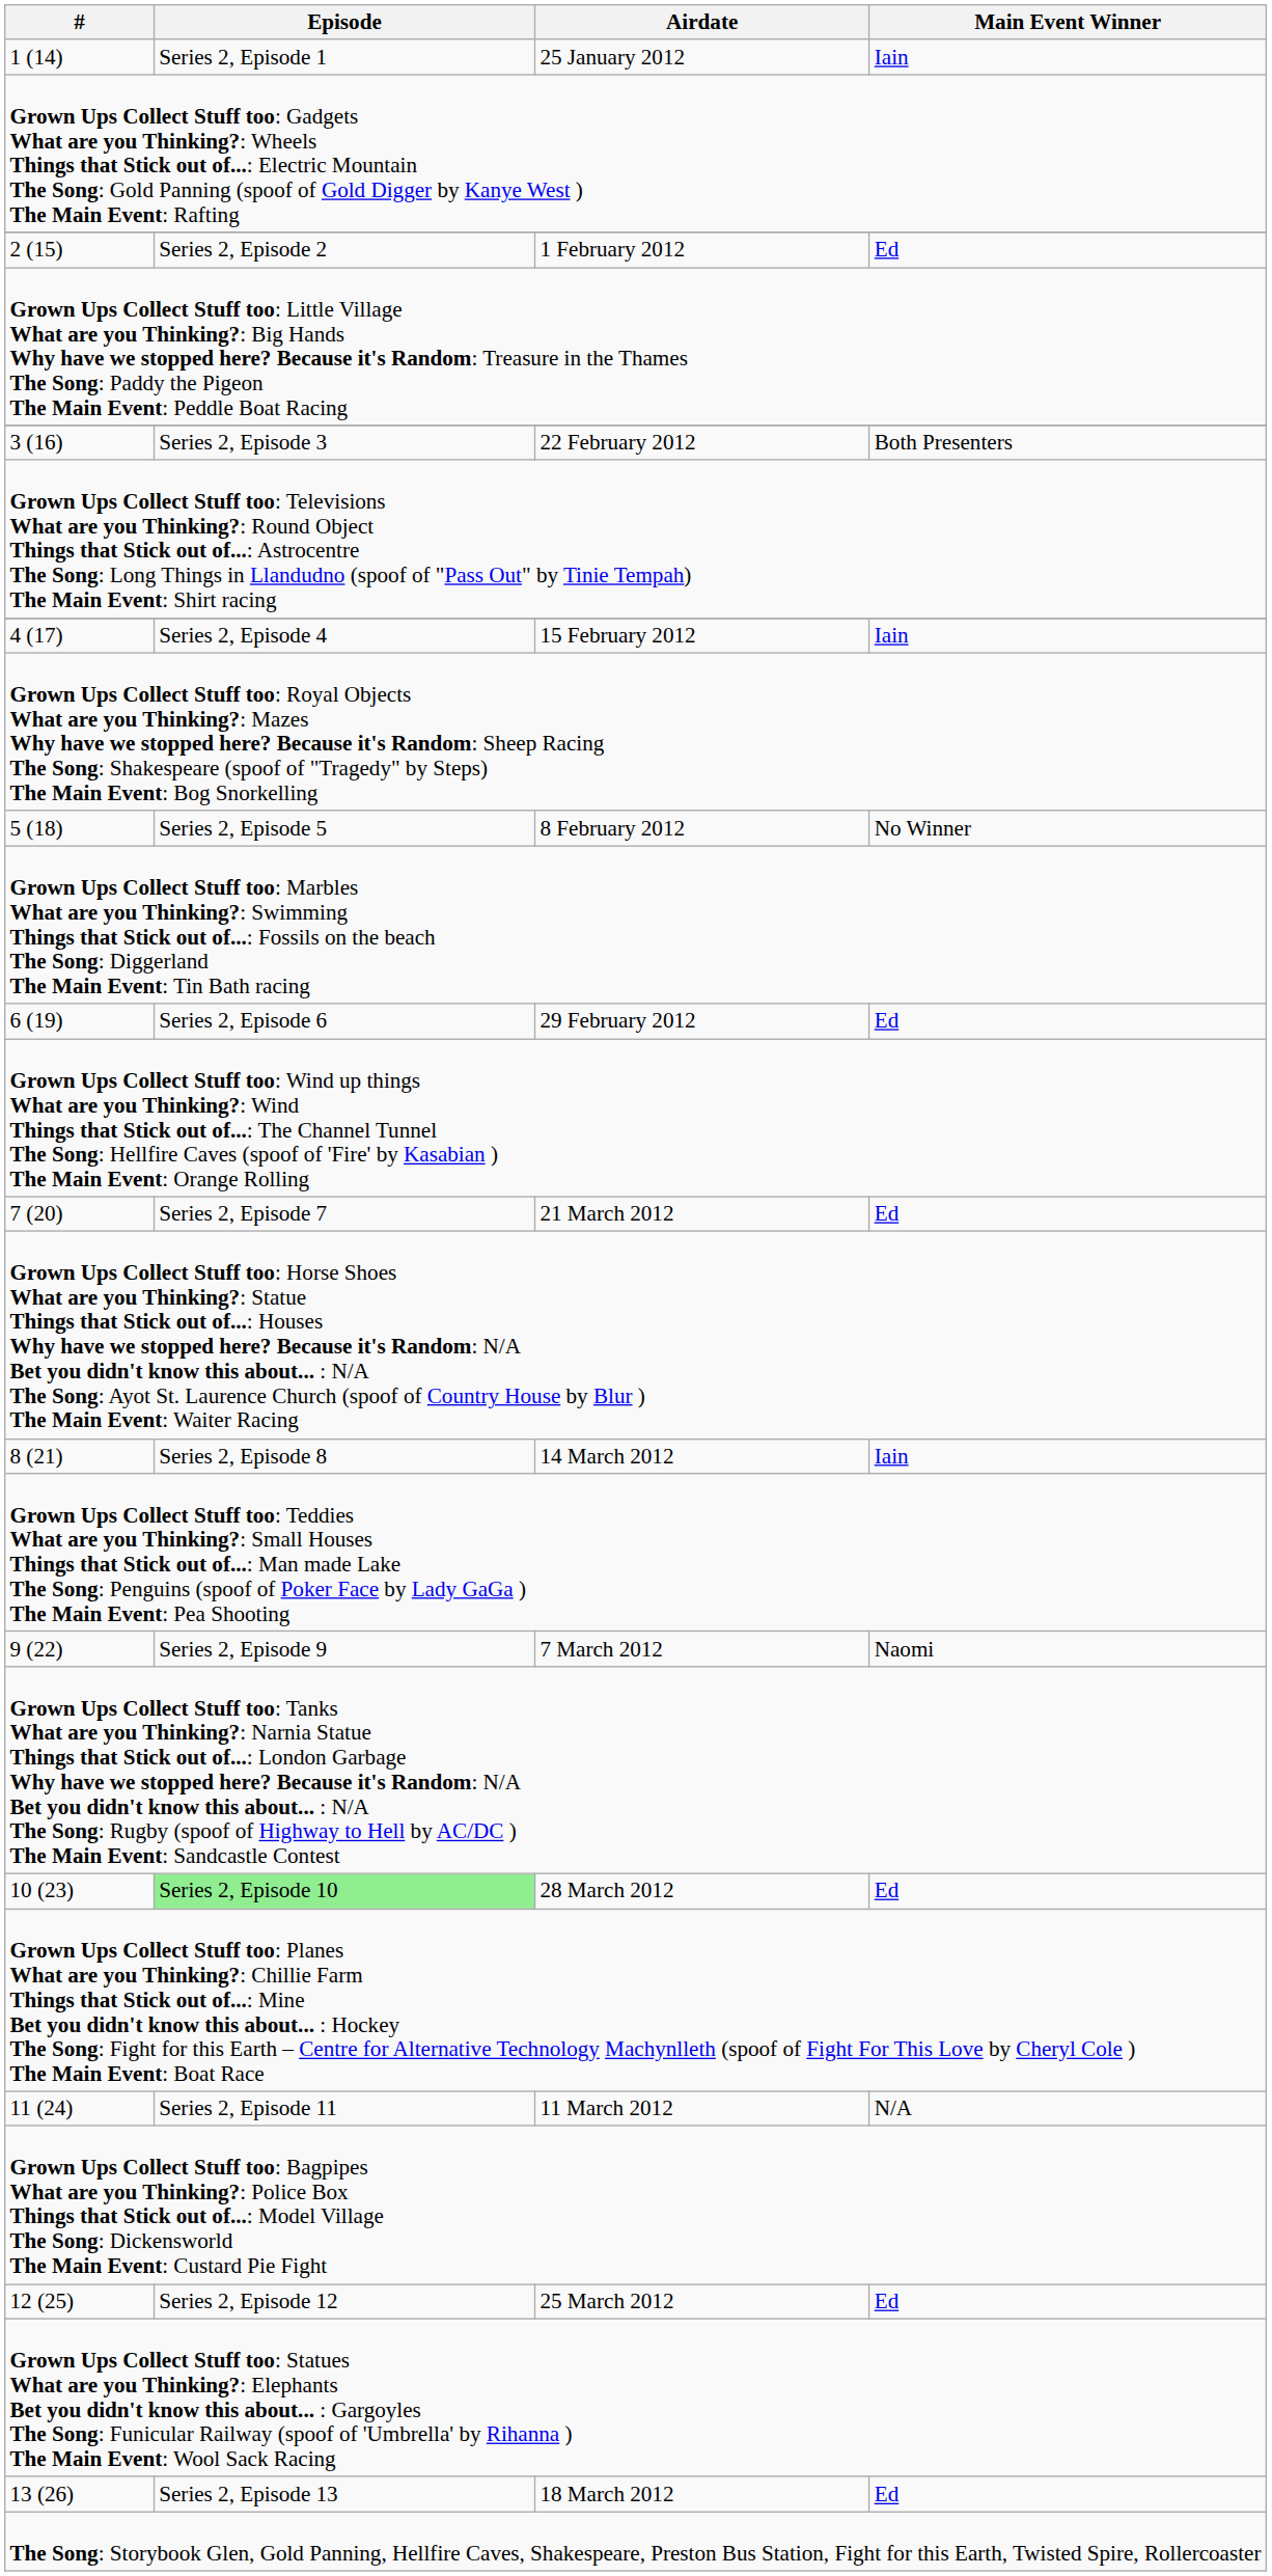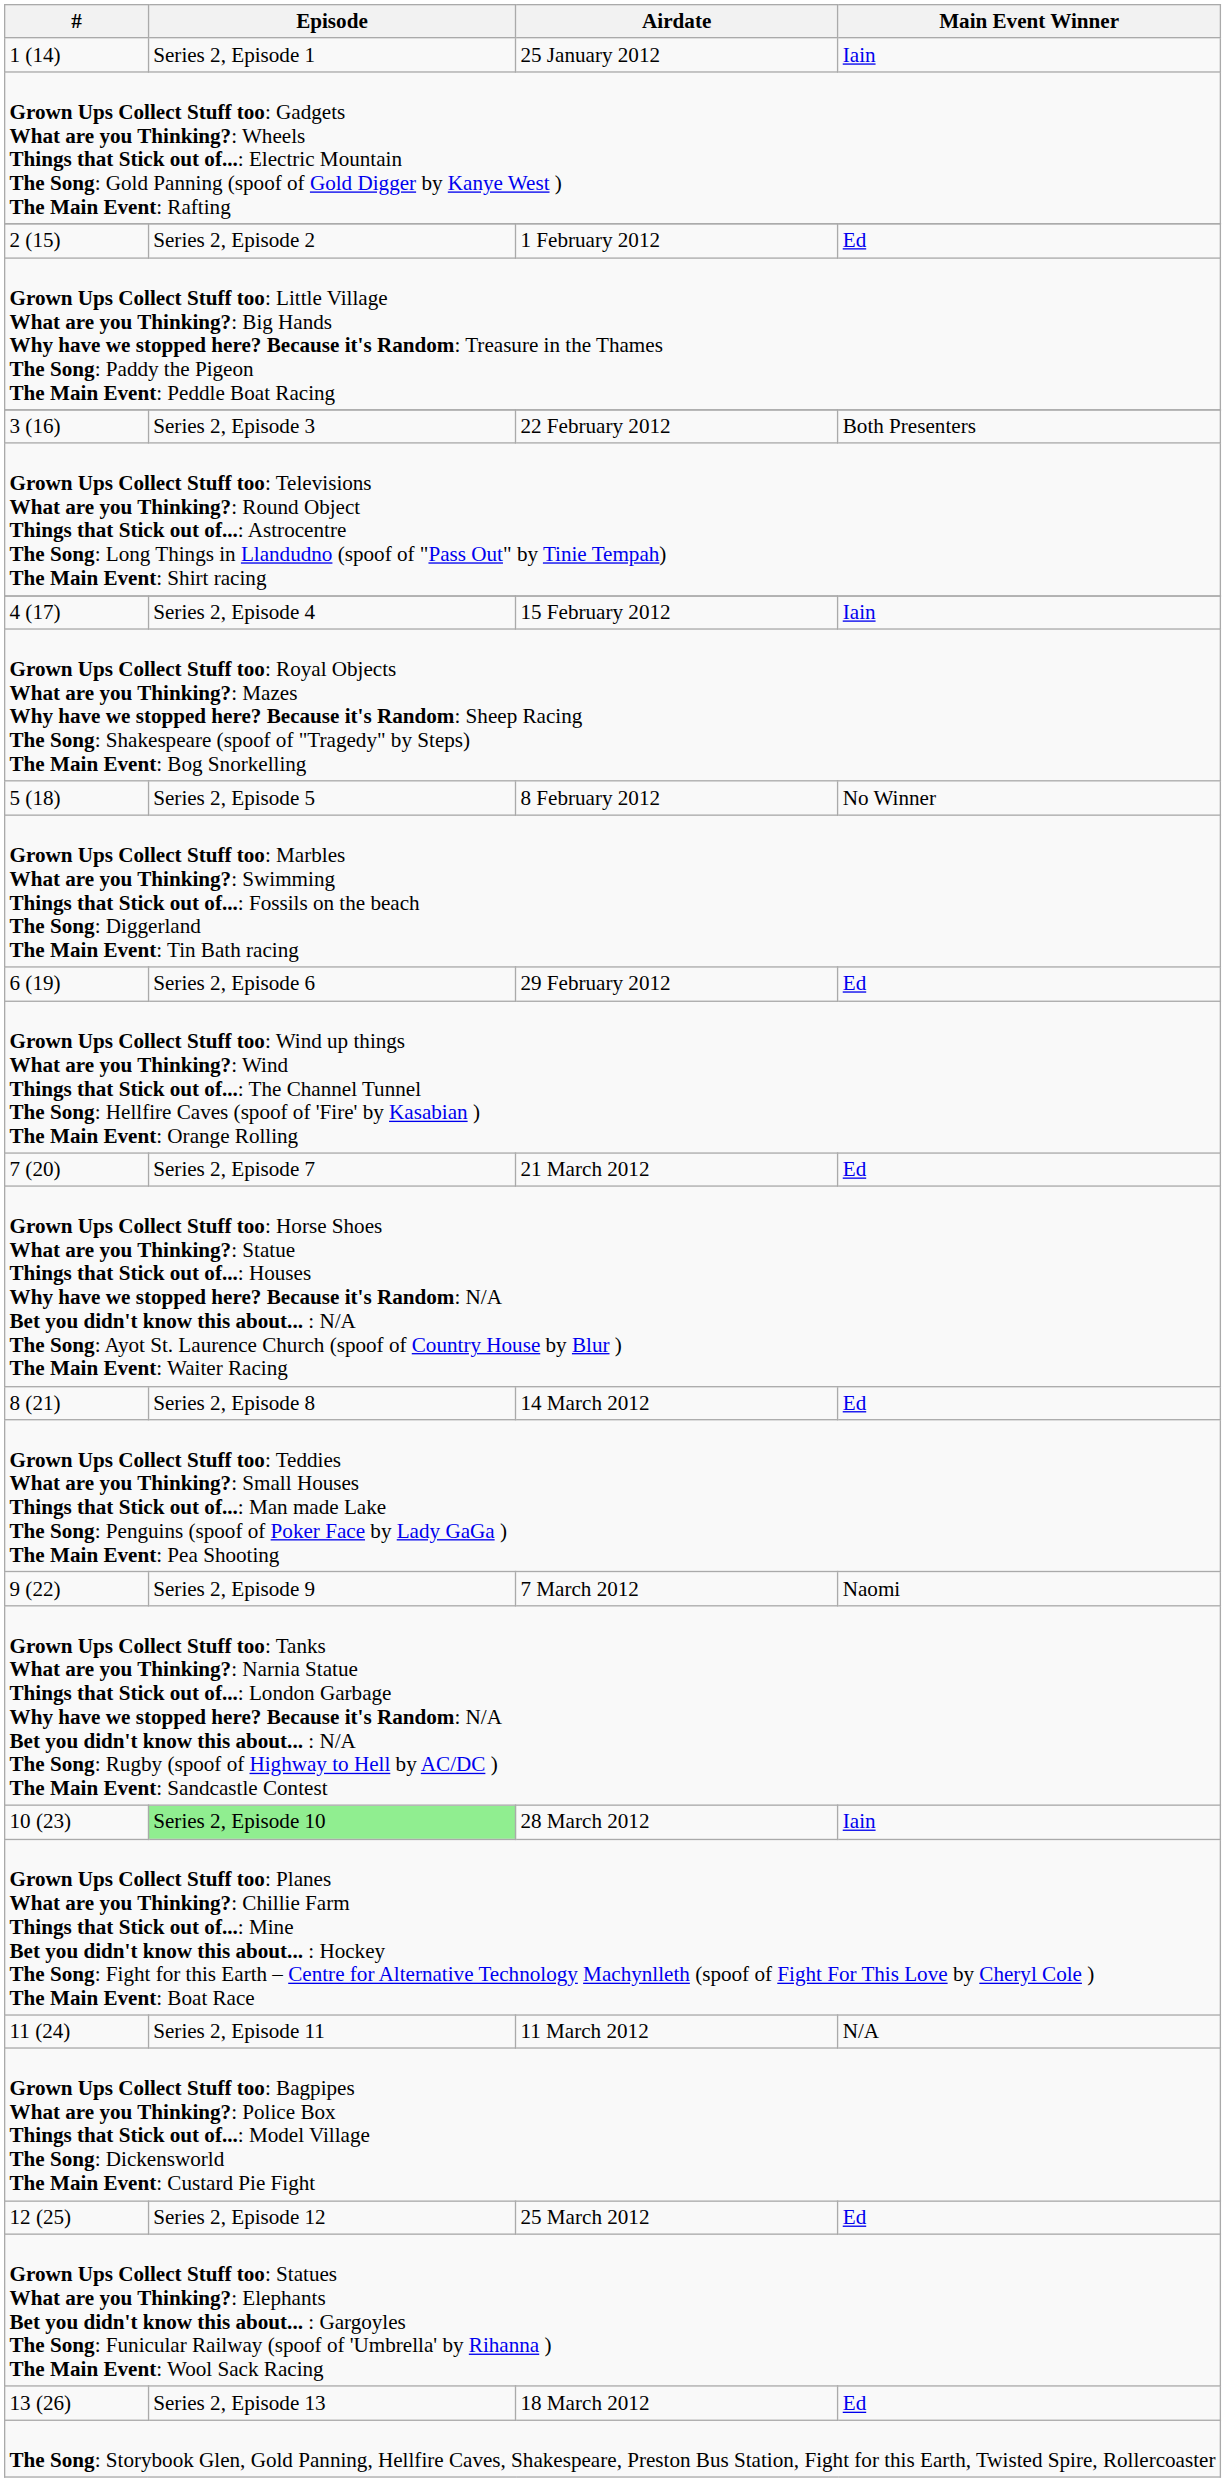 <table class="wikitable">
 <tr>
 <th>#</th>
 <th>Episode</th>
 <th>Airdate</th>
 <th>Main Event Winner</th>
 </tr>
 <tr id="ep126">
 <td>1 (14)</td>
 <td>Series 2, Episode 1</td>
 <td>25 January 2012</td>
 <td><a href='#'>Iain</a></td>
 </tr>
 <tr>
 <td colspan="4" style="vertical-align:top;"><br><strong>Grown Ups Collect Stuff too</strong>: Gadgets<br><strong>What are you Thinking?</strong>: Wheels<br><strong>Things that Stick out of...</strong>: Electric Mountain<br><strong>The Song</strong>: Gold Panning (spoof of <a href='#'>Gold Digger</a> by <a href='#'>Kanye West</a> )<br><strong>The Main Event</strong>: Rafting</td>
 </tr>
 <tr>
 </tr>
 <tr id="ep126">
 <td>2 (15)</td>
 <td>Series 2, Episode 2</td>
 <td>1 February 2012</td>
 <td><a href='#'>Ed</a></td>
 </tr>
 <tr>
 <td colspan="4" style="vertical-align:top;"><br><strong>Grown Ups Collect Stuff too</strong>: Little Village<br><strong>What are you Thinking?</strong>: Big Hands<br><strong>Why have we stopped here? Because it's Random</strong>: Treasure in the Thames<br><strong>The Song</strong>: Paddy the Pigeon<br><strong>The Main Event</strong>: Peddle Boat Racing</td>
 </tr>
 <tr>
 </tr>
 <tr id="ep126">
 <td>3 (16)</td>
 <td>Series 2, Episode 3</td>
 <td>22 February 2012</td>
 <td>Both Presenters</td>
 </tr>
 <tr>
 <td colspan="4" style="vertical-align:top;"><br><strong>Grown Ups Collect Stuff too</strong>: Televisions<br><strong>What are you Thinking?</strong>: Round Object<br><strong>Things that Stick out of...</strong>: Astrocentre<br><strong>The Song</strong>: Long Things in <a href='#'>Llandudno</a> (spoof of "<a href='#'>Pass Out</a>" by <a href='#'>Tinie Tempah</a>)<br><strong>The Main Event</strong>: Shirt racing</td>
 </tr>
 <tr>
 </tr>
 <tr id="ep126">
 <td>4 (17)</td>
 <td>Series 2, Episode 4</td>
 <td>15 February 2012</td>
 <td><a href='#'>Iain</a></td>
 </tr>
 <tr>
 <td colspan="4" style="vertical-align:top;"><br><strong>Grown Ups Collect Stuff too</strong>: Royal Objects<br><strong>What are you Thinking?</strong>: Mazes<br><strong>Why have we stopped here? Because it's Random</strong>: Sheep Racing<br><strong>The Song</strong>: Shakespeare (spoof of "Tragedy" by Steps)<br><strong>The Main Event</strong>: Bog Snorkelling</td>
 </tr>
 <tr id="ep126">
 <td>5 (18)</td>
 <td>Series 2, Episode 5</td>
 <td>8 February 2012</td>
 <td>No Winner</td>
 </tr>
 <tr>
 <td colspan="4" style="vertical-align:top;"><br><strong>Grown Ups Collect Stuff too</strong>: Marbles<br><strong>What are you Thinking?</strong>: Swimming<br><strong>Things that Stick out of...</strong>: Fossils on the beach<br><strong>The Song</strong>: Diggerland<br><strong>The Main Event</strong>: Tin Bath racing</td>
 </tr>
 <tr id="ep126">
 <td>6 (19)</td>
 <td>Series 2, Episode 6</td>
 <td>29 February 2012</td>
 <td><a href='#'>Ed</a></td>
 </tr>
 <tr>
 <td colspan="4" style="vertical-align:top;"><br><strong>Grown Ups Collect Stuff too</strong>: Wind up things<br><strong>What are you Thinking?</strong>: Wind<br><strong>Things that Stick out of...</strong>: The Channel Tunnel<br><strong>The Song</strong>: Hellfire Caves (spoof of 'Fire' by <a href='#'>Kasabian</a> )<br><strong>The Main Event</strong>: Orange Rolling</td>
 </tr>
 <tr id="ep126">
 <td>7 (20)</td>
 <td>Series 2, Episode 7</td>
 <td>21 March 2012</td>
 <td><a href='#'>Ed</a></td>
 </tr>
 <tr>
 <td colspan="4" style="vertical-align:top;"><br><strong>Grown Ups Collect Stuff too</strong>: Horse Shoes<br><strong>What are you Thinking?</strong>: Statue<br><strong>Things that Stick out of...</strong>: Houses<br><strong>Why have we stopped here? Because it's Random</strong>: N/A<br><strong>Bet you didn't know this about... </strong>: N/A<br><strong>The Song</strong>: Ayot St. Laurence Church (spoof of <a href='#'>Country House</a> by <a href='#'>Blur</a> )<br><strong>The Main Event</strong>: Waiter Racing</td>
 </tr>
 <tr id="ep126">
 <td>8 (21)</td>
 <td>Series 2, Episode 8</td>
 <td>14 March 2012</td>
-<td><a href='#'>Iain</a></td>
+<td><a href='#'>Ed</a></td>
 </tr>
 <tr>
 <td colspan="4" style="vertical-align:top;"><br><strong>Grown Ups Collect Stuff too</strong>: Teddies<br><strong>What are you Thinking?</strong>: Small Houses<br><strong>Things that Stick out of...</strong>: Man made Lake<br><strong>The Song</strong>: Penguins (spoof of <a href='#'>Poker Face</a> by <a href='#'>Lady GaGa</a> )<br><strong>The Main Event</strong>: Pea Shooting</td>
 </tr>
 <tr id="ep126">
 <td>9 (22)</td>
 <td>Series 2, Episode 9</td>
 <td>7 March 2012</td>
 <td>Naomi</td>
 </tr>
 <tr>
 <td colspan="4" style="vertical-align:top;"><br><strong>Grown Ups Collect Stuff too</strong>: Tanks<br><strong>What are you Thinking?</strong>: Narnia Statue<br><strong>Things that Stick out of...</strong>: London Garbage<br><strong>Why have we stopped here? Because it's Random</strong>: N/A<br><strong>Bet you didn't know this about... </strong>: N/A<br><strong>The Song</strong>: Rugby (spoof of <a href='#'>Highway to Hell</a> by <a href='#'>AC/DC</a> )<br><strong>The Main Event</strong>: Sandcastle Contest</td>
 </tr>
 <tr id="ep126">
 <td>10 (23)</td>
 <td style="background: lightgreen;">Series 2, Episode 10</td>
 <td>28 March 2012</td>
-<td><a href='#'>Ed</a></td>
+<td><a href='#'>Iain</a></td>
 </tr>
 <tr>
 <td colspan="4" style="vertical-align:top;"><br><strong>Grown Ups Collect Stuff too</strong>: Planes<br><strong>What are you Thinking?</strong>: Chillie Farm<br><strong>Things that Stick out of...</strong>: Mine<br><strong>Bet you didn't know this about... </strong>: Hockey<br><strong>The Song</strong>: Fight for this Earth – <a href='#'>Centre for Alternative Technology</a> <a href='#'>Machynlleth</a> (spoof of <a href='#'>Fight For This Love</a> by <a href='#'>Cheryl Cole</a> )<br><strong>The Main Event</strong>: Boat Race</td>
 </tr>
 <tr id="ep126">
 <td>11 (24)</td>
 <td>Series 2, Episode 11</td>
 <td>11 March 2012</td>
 <td>N/A</td>
 </tr>
 <tr>
 <td colspan="4" style="vertical-align:top;"><br><strong>Grown Ups Collect Stuff too</strong>: Bagpipes<br><strong>What are you Thinking?</strong>: Police Box<br><strong>Things that Stick out of...</strong>: Model Village<br><strong>The Song</strong>: Dickensworld<br><strong>The Main Event</strong>: Custard Pie Fight</td>
 </tr>
 <tr id="ep126">
 <td>12 (25)</td>
 <td>Series 2, Episode 12</td>
 <td>25 March 2012</td>
 <td><a href='#'>Ed</a></td>
 </tr>
 <tr>
 <td colspan="4" style="vertical-align:top;"><br><strong>Grown Ups Collect Stuff too</strong>: Statues<br><strong>What are you Thinking?</strong>: Elephants<br><strong>Bet you didn't know this about... </strong>: Gargoyles<br><strong>The Song</strong>: Funicular Railway (spoof of 'Umbrella' by <a href='#'>Rihanna</a> )<br><strong>The Main Event</strong>: Wool Sack Racing</td>
 </tr>
 <tr id="ep126">
 <td>13 (26)</td>
 <td>Series 2, Episode 13</td>
 <td>18 March 2012</td>
 <td><a href='#'>Ed</a></td>
 </tr>
 <tr>
 <td colspan="4" style="vertical-align:top;"><br><strong>The Song</strong>: Storybook Glen, Gold Panning, Hellfire Caves, Shakespeare, Preston Bus Station, Fight for this Earth, Twisted Spire, Rollercoaster</td>
 </tr>
 </table>
